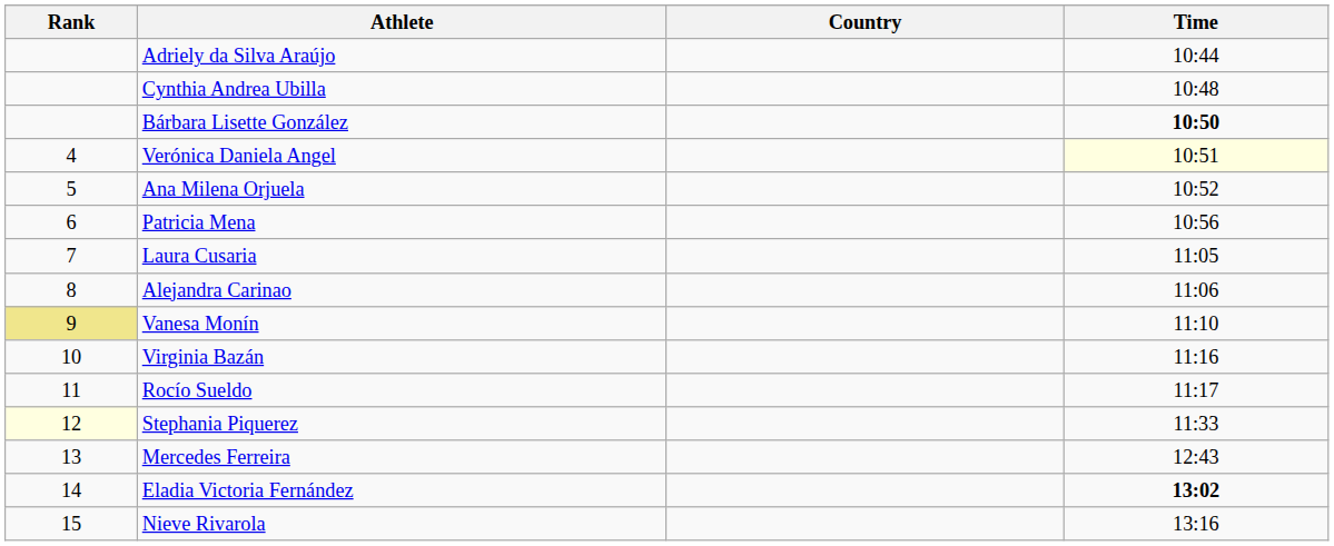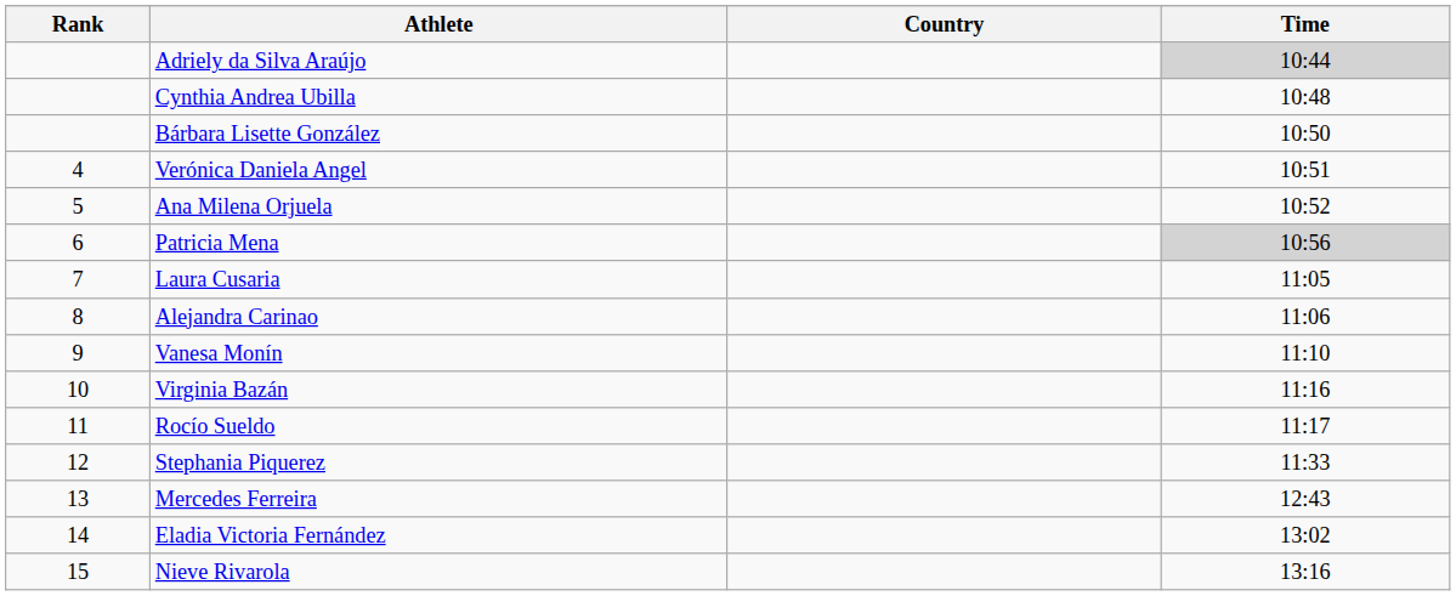 <table class="wikitable sortable" style=" text-align:center; font-size:95%;" width="50%">
 <tr>
 </tr>
 <tr>
 <th width=5%>Rank</th>
 <th width=20%>Athlete</th>
 <th width=15%>Country</th>
 <th width=10%>Time</th>
 </tr>
 <tr>
 <td align=center></td>
 <td align=left><a href='#'>Adriely da Silva Araújo</a></td>
 <td align=left></td>
-<td>10:44</td>
+<td style="background: lightgrey;">10:44</td>
 </tr>
 <tr>
 <td align=center></td>
 <td align=left><a href='#'>Cynthia Andrea Ubilla</a></td>
 <td align=left></td>
 <td>10:48</td>
 </tr>
 <tr>
 <td align=center></td>
 <td align=left><a href='#'>Bárbara Lisette González</a></td>
 <td align=left></td>
-<td><strong>10:50</strong></td>
+<td>10:50</td>
 </tr>
 <tr>
 <td align=center>4</td>
 <td align=left><a href='#'>Verónica Daniela Angel</a></td>
 <td align=left></td>
-<td style="background: lightyellow;">10:51</td>
+<td>10:51</td>
 </tr>
 <tr>
 <td align=center>5</td>
 <td align=left><a href='#'>Ana Milena Orjuela</a></td>
 <td align=left></td>
 <td>10:52</td>
 </tr>
 <tr>
 <td align=center>6</td>
 <td align=left><a href='#'>Patricia Mena</a></td>
 <td align=left></td>
-<td>10:56</td>
+<td style="background: lightgrey;">10:56</td>
 </tr>
 <tr>
 <td align=center>7</td>
 <td align=left><a href='#'>Laura Cusaria</a></td>
 <td align=left></td>
 <td>11:05</td>
 </tr>
 <tr>
 <td align=center>8</td>
 <td align=left><a href='#'>Alejandra Carinao</a></td>
 <td align=left></td>
 <td>11:06</td>
 </tr>
 <tr>
-<td align=center style="background: khaki;">9</td>
+<td align=center>9</td>
 <td align=left><a href='#'>Vanesa Monín</a></td>
 <td align=left></td>
 <td>11:10</td>
 </tr>
 <tr>
 <td align=center>10</td>
 <td align=left><a href='#'>Virginia Bazán</a></td>
 <td align=left></td>
 <td>11:16</td>
 </tr>
 <tr>
 <td align=center>11</td>
 <td align=left><a href='#'>Rocío Sueldo</a></td>
 <td align=left></td>
 <td>11:17</td>
 </tr>
 <tr>
-<td align=center style="background: lightyellow;">12</td>
+<td align=center>12</td>
 <td align=left><a href='#'>Stephania Piquerez</a></td>
 <td align=left></td>
 <td>11:33</td>
 </tr>
 <tr>
 <td align=center>13</td>
 <td align=left><a href='#'>Mercedes Ferreira</a></td>
 <td align=left></td>
 <td>12:43</td>
 </tr>
 <tr>
 <td align=center>14</td>
 <td align=left><a href='#'>Eladia Victoria Fernández</a></td>
 <td align=left></td>
-<td><strong>13:02</strong></td>
+<td>13:02</td>
 </tr>
 <tr>
 <td align=center>15</td>
 <td align=left><a href='#'>Nieve Rivarola</a></td>
 <td align=left></td>
 <td>13:16</td>
 </tr>
 </table>
